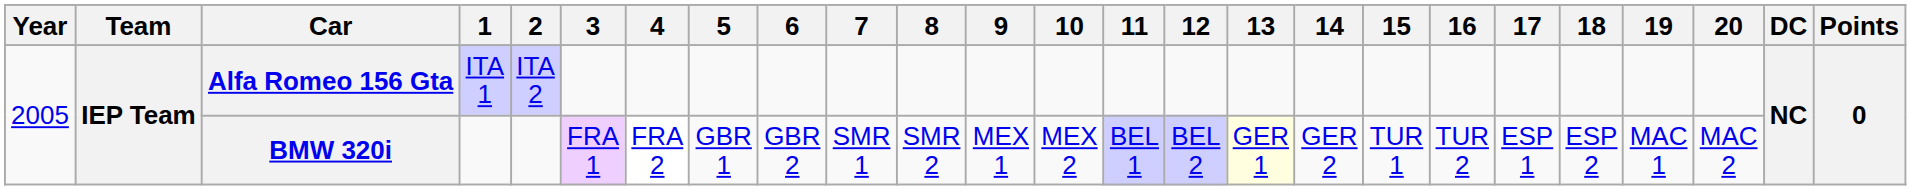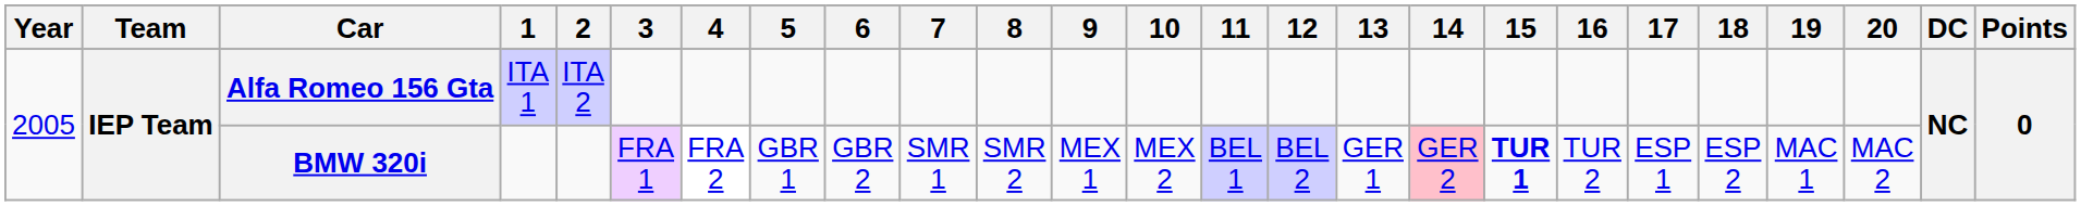 <table class="wikitable" style="text-align:center; font-size:85%">
 <tr>
 <th>Year</th>
 <th>Team</th>
 <th>Car</th>
 <th>1</th>
 <th>2</th>
 <th>3</th>
 <th>4</th>
 <th>5</th>
 <th>6</th>
 <th>7</th>
 <th>8</th>
 <th>9</th>
 <th>10</th>
 <th>11</th>
 <th>12</th>
 <th>13</th>
 <th>14</th>
 <th>15</th>
 <th>16</th>
 <th>17</th>
 <th>18</th>
 <th>19</th>
 <th>20</th>
 <th>DC</th>
 <th>Points</th>
 </tr>
 <tr>
 <td rowspan=2><a href='#'>2005</a></td>
 <th rowspan=2>IEP Team</th>
 <th><a href='#'>Alfa Romeo 156 Gta</a></th>
 <td style="background:#cfcfff;"><a href='#'>ITA<br>1</a><br></td>
 <td style="background:#cfcfff;"><a href='#'>ITA<br>2</a><br></td>
 <td></td>
 <td></td>
 <td></td>
 <td></td>
 <td></td>
 <td></td>
 <td></td>
 <td></td>
 <td></td>
 <td></td>
 <td></td>
 <td></td>
 <td></td>
 <td></td>
 <td></td>
 <td></td>
 <td></td>
 <td></td>
 <th rowspan=2>NC</th>
 <th rowspan=2>0</th>
 </tr>
 <tr>
 <th><a href='#'>BMW 320i</a></th>
 <td></td>
 <td></td>
 <td style="background:#efcfff;"><a href='#'>FRA<br>1</a><br></td>
 <td style="background:#ffffff;"><a href='#'>FRA<br>2</a><br></td>
 <td><a href='#'>GBR<br>1</a></td>
 <td><a href='#'>GBR<br>2</a></td>
 <td><a href='#'>SMR<br>1</a></td>
 <td><a href='#'>SMR<br>2</a></td>
 <td><a href='#'>MEX<br>1</a></td>
 <td><a href='#'>MEX<br>2</a></td>
 <td style="background:#cfcfff;"><a href='#'>BEL<br>1</a><br></td>
 <td style="background:#cfcfff;"><a href='#'>BEL<br>2</a><br></td>
-<td style="background: lightyellow;"><a href='#'>GER<br>1</a></td>
-<td><a href='#'>GER<br>2</a></td>
-<td><a href='#'>TUR<br>1</a></td>
+<td><a href='#'>GER<br>1</a></td>
+<td style="background: pink;"><a href='#'>GER<br>2</a></td>
+<td><strong><a href='#'>TUR<br>1</a></strong></td>
 <td><a href='#'>TUR<br>2</a></td>
 <td><a href='#'>ESP<br>1</a></td>
 <td><a href='#'>ESP<br>2</a></td>
 <td><a href='#'>MAC<br>1</a></td>
 <td><a href='#'>MAC<br>2</a></td>
 </tr>
 </table>
